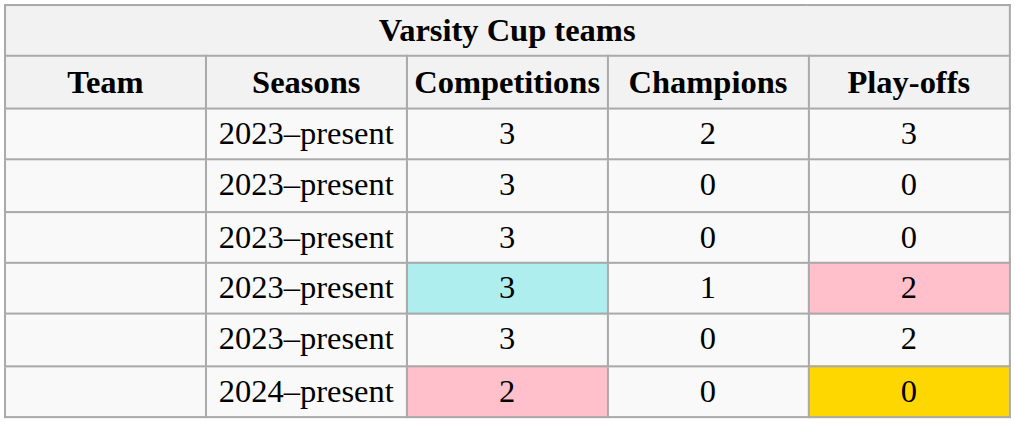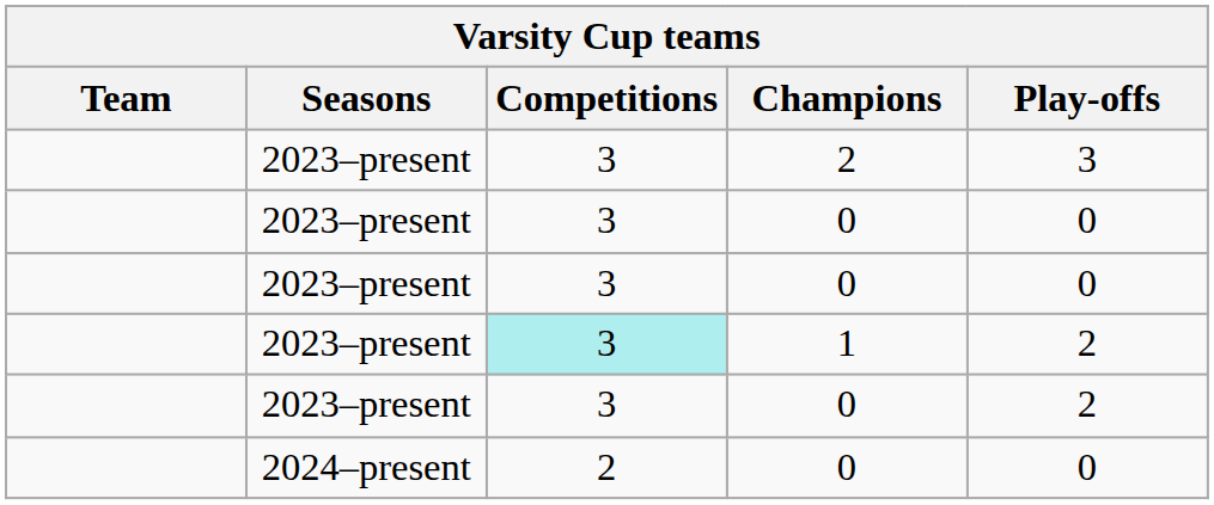 <table class="wikitable" style="text-align:center">
 <tr>
 <th colspan="100%" align=center><strong>Varsity Cup teams</strong></th>
 </tr>
 <tr>
 <th width="20%">Team</th>
 <th width="20%">Seasons</th>
 <th width="20%">Competitions</th>
 <th width="20%">Champions</th>
 <th width="20%">Play-offs</th>
 </tr>
 <tr>
 <td style="text-align:left;"></td>
 <td>2023–present</td>
 <td>3</td>
 <td>2</td>
 <td>3</td>
 </tr>
 <tr>
 <td style="text-align:left;"></td>
 <td>2023–present</td>
 <td>3</td>
 <td>0</td>
 <td>0</td>
 </tr>
 <tr>
 <td style="text-align:left;"></td>
 <td>2023–present</td>
 <td>3</td>
 <td>0</td>
 <td>0</td>
 </tr>
 <tr>
 <td style="text-align:left;"></td>
 <td>2023–present</td>
 <td style="background: paleturquoise;">3</td>
 <td>1</td>
-<td style="background: pink;">2</td>
+<td>2</td>
 </tr>
 <tr>
 <td style="text-align:left;"></td>
 <td>2023–present</td>
 <td>3</td>
 <td>0</td>
 <td>2</td>
 </tr>
 <tr>
 <td style="text-align:left;"></td>
 <td>2024–present</td>
-<td style="background: pink;">2</td>
+<td>2</td>
 <td>0</td>
-<td style="background: gold;">0</td>
+<td>0</td>
 </tr>
 </table>
